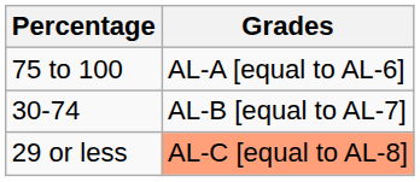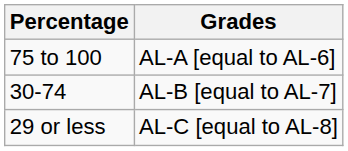 <table class="wikitable">
 <tr>
 <th>Percentage</th>
 <th>Grades</th>
 </tr>
 <tr>
 <td>75 to 100</td>
 <td>AL-A [equal to AL-6]</td>
 </tr>
 <tr>
 <td>30-74</td>
 <td>AL-B [equal to AL-7]</td>
 </tr>
 <tr>
 <td>29 or less</td>
-<td style="background: lightsalmon;">AL-C [equal to AL-8]</td>
+<td>AL-C [equal to AL-8]</td>
 </tr>
 </table>
